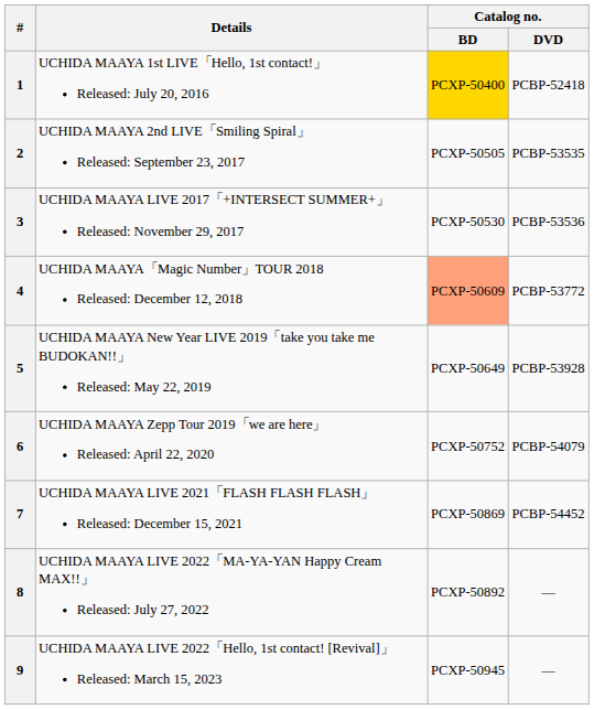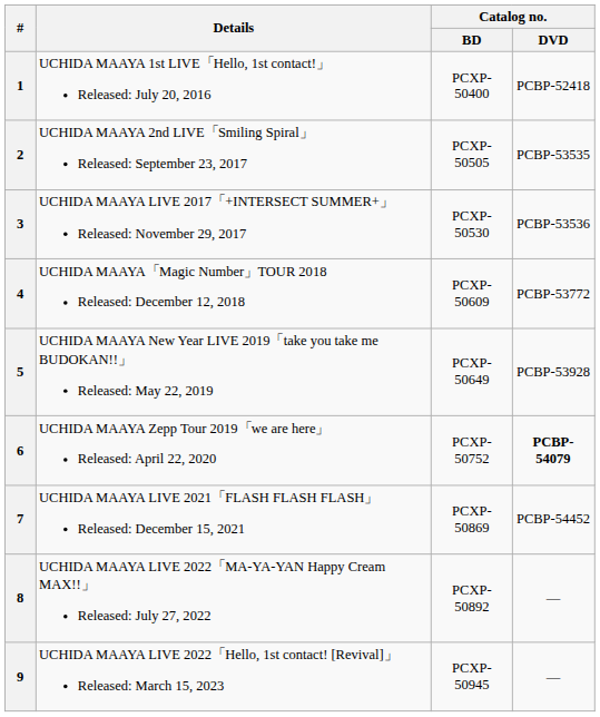 <table class="wikitable" style="font-size: 90%; text-align:center;">
 <tr>
 <th rowspan=2; width="25">#</th>
 <th rowspan=2>Details</th>
 <th colspan=2; style="width:12em;">Catalog no.</th>
 </tr>
 <tr>
 <th>BD</th>
 <th>DVD</th>
 </tr>
 <tr>
 <th>1</th>
 <td align="left">UCHIDA MAAYA 1st LIVE「Hello, 1st contact!」<br><ul><li>Released: July 20, 2016</li></ul></td>
-<td style="background: gold;">PCXP-50400</td>
+<td>PCXP-50400</td>
 <td>PCBP-52418</td>
 </tr>
 <tr>
 <th>2</th>
 <td align="left">UCHIDA MAAYA 2nd LIVE「Smiling Spiral」<br><ul><li>Released: September 23, 2017</li></ul></td>
 <td>PCXP-50505</td>
 <td>PCBP-53535</td>
 </tr>
 <tr>
 <th>3</th>
 <td align="left">UCHIDA MAAYA LIVE 2017「+INTERSECT SUMMER+」<br><ul><li>Released: November 29, 2017</li></ul></td>
 <td>PCXP-50530</td>
 <td>PCBP-53536</td>
 </tr>
 <tr>
 <th>4</th>
 <td align="left">UCHIDA MAAYA「Magic Number」TOUR 2018<br><ul><li>Released: December 12, 2018</li></ul></td>
-<td style="background: lightsalmon;">PCXP-50609</td>
+<td>PCXP-50609</td>
 <td>PCBP-53772</td>
 </tr>
 <tr>
 <th>5</th>
 <td align="left">UCHIDA MAAYA New Year LIVE 2019「take you take me BUDOKAN!!」<br><ul><li>Released: May 22, 2019</li></ul></td>
 <td>PCXP-50649</td>
 <td>PCBP-53928</td>
 </tr>
 <tr>
 <th>6</th>
 <td align="left">UCHIDA MAAYA Zepp Tour 2019「we are here」<br><ul><li>Released: April 22, 2020</li></ul></td>
 <td>PCXP-50752</td>
-<td>PCBP-54079</td>
+<td><strong>PCBP-54079</strong></td>
 </tr>
 <tr>
 <th>7</th>
 <td align="left">UCHIDA MAAYA LIVE 2021「FLASH FLASH FLASH」<br><ul><li>Released: December 15, 2021</li></ul></td>
 <td>PCXP-50869</td>
 <td>PCBP-54452</td>
 </tr>
 <tr>
 <th>8</th>
 <td align="left">UCHIDA MAAYA LIVE 2022「MA-YA-YAN Happy Cream MAX!!」<br><ul><li>Released: July 27, 2022</li></ul></td>
 <td>PCXP-50892</td>
 <td>—</td>
 </tr>
 <tr>
 <th>9</th>
 <td align="left">UCHIDA MAAYA LIVE 2022「Hello, 1st contact! [Revival]」<br><ul><li>Released: March 15, 2023</li></ul></td>
 <td>PCXP-50945</td>
 <td>—</td>
 </tr>
 </table>
